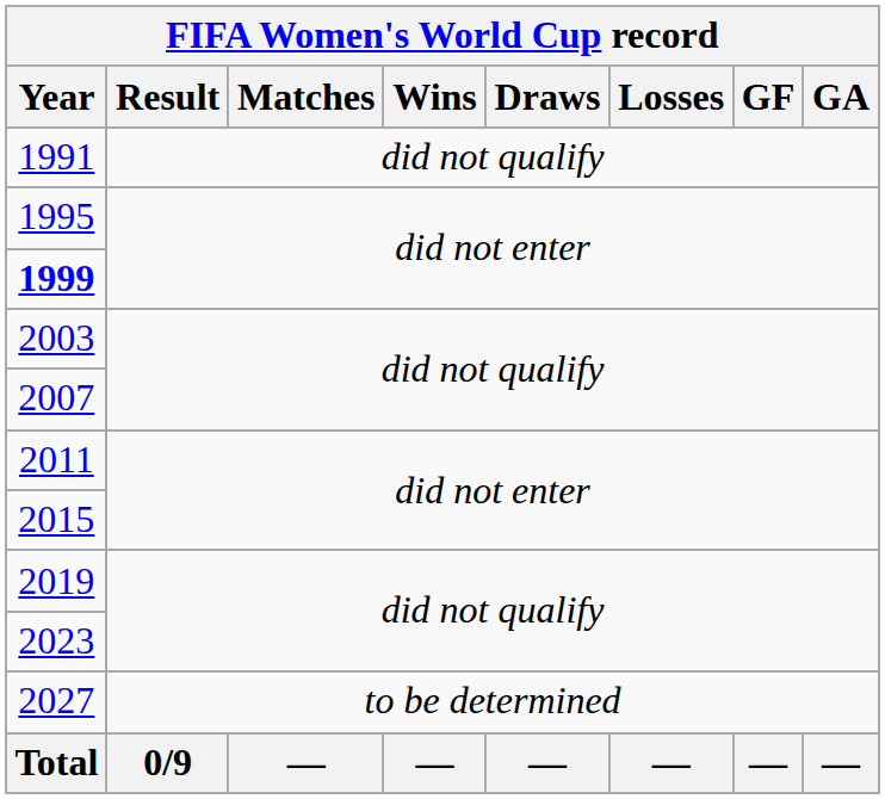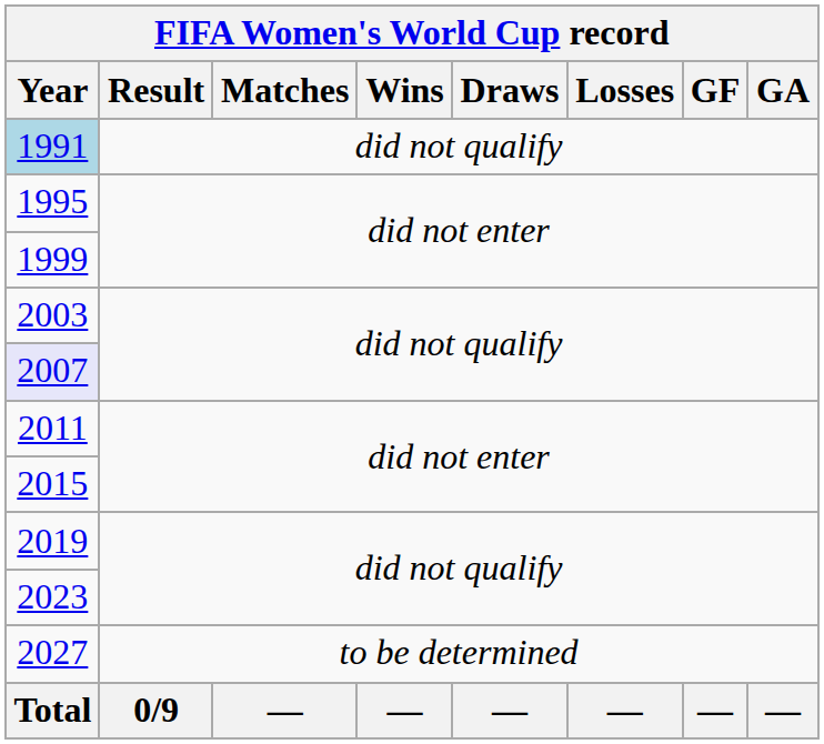 <table class="wikitable" style="text-align: center;">
 <tr>
 <th colspan="8"><a href='#'>FIFA Women's World Cup</a> record</th>
 </tr>
 <tr>
 <th>Year</th>
 <th>Result</th>
 <th>Matches</th>
 <th>Wins</th>
 <th>Draws</th>
 <th>Losses</th>
 <th>GF</th>
 <th>GA</th>
 </tr>
 <tr>
-<td> <a href='#'>1991</a></td>
+<td style="background: lightblue;"> <a href='#'>1991</a></td>
 <td colspan=8><em>did not qualify</em></td>
 </tr>
 <tr>
 <td> <a href='#'>1995</a></td>
 <td rowspan=2 colspan=8><em>did not enter</em></td>
 </tr>
 <tr>
-<td><strong> <a href='#'>1999</a></strong></td>
+<td> <a href='#'>1999</a></td>
 </tr>
 <tr>
 <td> <a href='#'>2003</a></td>
 <td rowspan=2 colspan=8><em>did not qualify</em></td>
 </tr>
 <tr>
-<td> <a href='#'>2007</a></td>
+<td style="background: lavender;"> <a href='#'>2007</a></td>
 </tr>
 <tr>
 <td> <a href='#'>2011</a></td>
 <td rowspan=2 colspan=8><em>did not enter</em></td>
 </tr>
 <tr>
 <td> <a href='#'>2015</a></td>
 </tr>
 <tr>
 <td> <a href='#'>2019</a></td>
 <td rowspan=2 colspan=8><em>did not qualify</em></td>
 </tr>
 <tr>
 <td> <a href='#'>2023</a></td>
 </tr>
 <tr>
 <td> <a href='#'>2027</a></td>
 <td colspan=8><em>to be determined</em></td>
 </tr>
 <tr>
 <th><strong>Total</strong></th>
 <th>0/9</th>
 <th>—</th>
 <th>—</th>
 <th>—</th>
 <th>—</th>
 <th>—</th>
 <th>—</th>
 </tr>
 </table>
